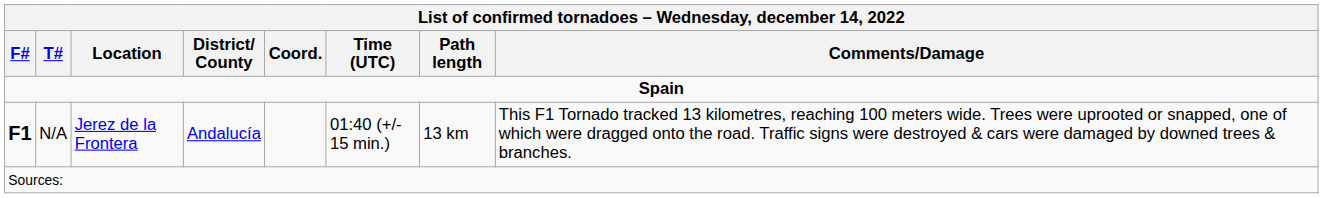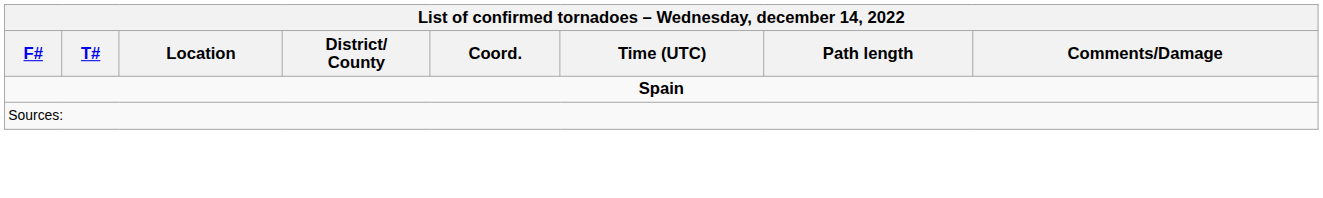 <table class="wikitable collapsible" width="100%">
 <tr>
 <th colspan="8">List of confirmed tornadoes – Wednesday, december 14, 2022</th>
 </tr>
 <tr>
 <th><a href='#'>F#</a></th>
 <th><a href='#'>T#</a></th>
 <th>Location</th>
 <th>District/<br>County</th>
 <th>Coord.</th>
 <th>Time (UTC)</th>
 <th>Path length</th>
 <th>Comments/Damage</th>
 </tr>
 <tr>
 <td colspan="8" align=center><strong>Spain</strong></td>
 </tr>
 <tr>
-<td><big><strong>F1</strong></big></td>
-<td>N/A</td>
-<td><a href='#'>Jerez de la Frontera</a></td>
-<td><a href='#'>Andalucía</a></td>
-<td></td>
-<td>01:40 (+/- 15 min.)</td>
-<td>13 km</td>
-<td>This F1 Tornado tracked 13 kilometres, reaching 100 meters wide. Trees were uprooted or snapped, one of which were dragged onto the road. Traffic signs were destroyed & cars were damaged by downed trees & branches.</td>
-</tr>
-<tr>
 <td colspan="8"><small>Sources:  </small></td>
 </tr>
 </table>
